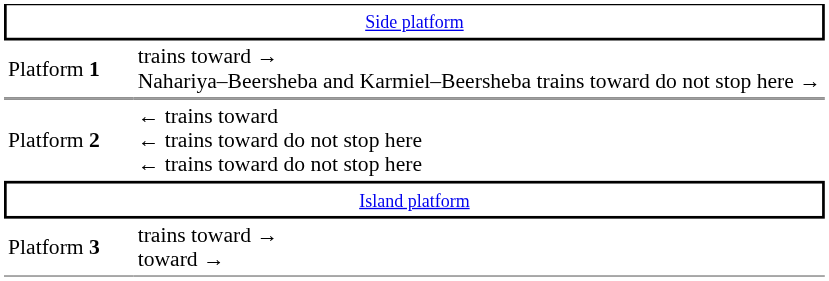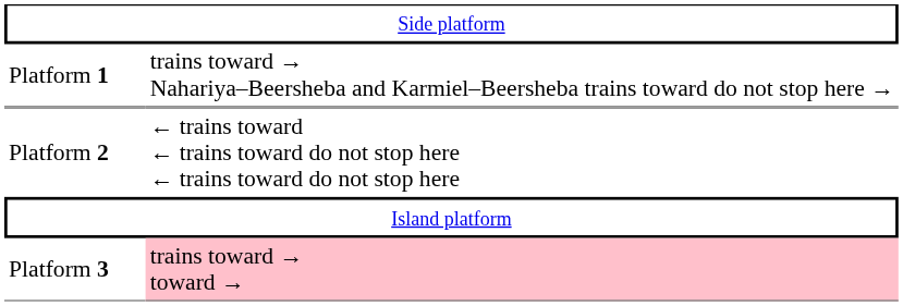 <table border=0 cellspacing=0 cellpadding=3>
 <tr>
 <td style="border-top:solid 1-x black;border-top:solid 1px black;border-right:solid 2px black;border-left:solid 2px black;border-bottom:solid 2px black;text-align:center;" colspan=2><small><a href='#'>Side platform</a></small></td>
 </tr>
 <tr>
 <td style="border-bottom:solid 1px gray;" width=90>Platform <strong>1</strong></td>
 <td style="border-bottom:solid 1px gray;">  trains toward   →<br>   Nahariya–Beersheba and Karmiel–Beersheba trains toward  do not stop here →</td>
 </tr>
 <tr>
 <td style="border-top:solid 1px gray;">Platform <strong>2</strong></td>
 <td style="border-top:solid 1px gray;">←  trains toward  <br>←  trains toward  do not stop here<br>←  trains toward  do not stop here</td>
 </tr>
 <tr>
 <td style="border-top:solid 2px black;border-right:solid 2px black;border-left:solid 2px black;border-bottom:solid 2px black;text-align:center;" colspan=2><small><a href='#'>Island platform</a></small></td>
 </tr>
 <tr>
 <td style="border-bottom:solid 1px gray;">Platform <strong>3</strong></td>
-<td style="border-bottom:solid 1px gray;">  trains toward   →<br>  toward   →</td>
+<td style="background: pink; border-bottom:solid 1px gray;">  trains toward   →<br>  toward   →</td>
 </tr>
 </table>
